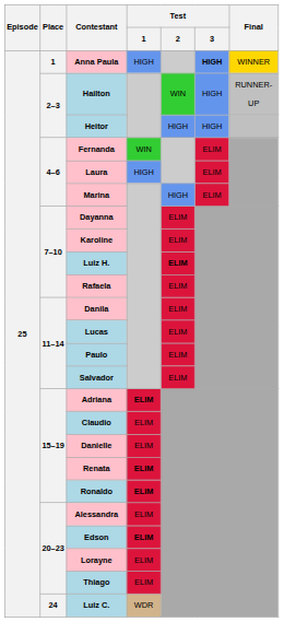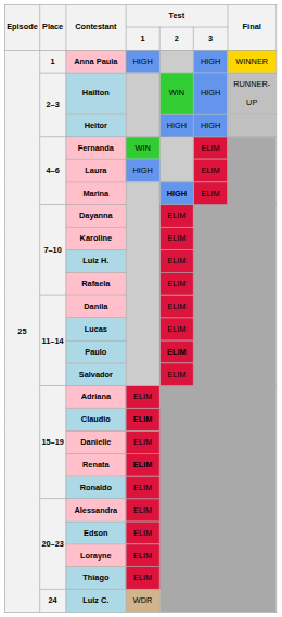 <table class="wikitable" style="text-align: center; font-size:8pt; line-height:25px;">
 <tr>
 <th rowspan=2>Episode</th>
 <th rowspan=2>Place</th>
 <th rowspan=2>Contestant</th>
 <th colspan=3>Test</th>
 <th rowspan=2>Final</th>
 </tr>
 <tr>
 <th>1</th>
 <th>2</th>
 <th>3</th>
 </tr>
 <tr>
 <th rowspan=24>25</th>
 <th>1</th>
 <td bgcolor=FFC0CB width=75><strong>Anna Paula</strong></td>
 <td bgcolor=6495ED width=40>HIGH</td>
 <td bgcolor=CCCCCC width=40></td>
-<td bgcolor=6495ED width=40><strong>HIGH</strong></td>
+<td bgcolor=6495ED width=40>HIGH</td>
 <td bgcolor=FFD700 width=60>WINNER</td>
 </tr>
 <tr>
 <th rowspan=2>2–3</th>
 <td bgcolor=ADD8E6><strong>Hailton</strong></td>
 <td bgcolor=CCCCCC rowspan=2></td>
 <td bgcolor=32CD32>WIN</td>
 <td bgcolor=6495ED>HIGH</td>
 <td bgcolor=silver>RUNNER-UP</td>
 </tr>
 <tr>
 <td bgcolor=ADD8E6><strong>Heitor</strong></td>
 <td bgcolor=6495ED>HIGH</td>
 <td bgcolor=6495ED>HIGH</td>
 <td bgcolor=silver></td>
 </tr>
 <tr>
 <th rowspan=3>4–6</th>
 <td bgcolor=FFC0CB><strong>Fernanda</strong></td>
 <td bgcolor=32CD32>WIN</td>
 <td bgcolor=CCCCCC rowspan=2></td>
 <td bgcolor=DC143C>ELIM</td>
 <td bgcolor=A9A9A9 rowspan=3></td>
 </tr>
 <tr>
 <td bgcolor=FFC0CB><strong>Laura</strong></td>
 <td bgcolor=6495ED>HIGH</td>
 <td bgcolor=DC143C>ELIM</td>
 </tr>
 <tr>
 <td bgcolor=FFC0CB><strong>Marina</strong></td>
 <td bgcolor=CCCCCC rowspan=9></td>
-<td bgcolor=6495ED>HIGH</td>
+<td bgcolor=6495ED><strong>HIGH</strong></td>
 <td bgcolor=DC143C>ELIM</td>
 </tr>
 <tr>
 <th rowspan=4>7–10</th>
 <td bgcolor=FFC0CB><strong>Dayanna</strong></td>
 <td bgcolor=DC143C>ELIM</td>
 <td bgcolor=A9A9A9 rowspan=8 colspan=2></td>
 </tr>
 <tr>
 <td bgcolor=FFC0CB><strong>Karoline</strong></td>
 <td bgcolor=DC143C>ELIM</td>
 </tr>
 <tr>
 <td bgcolor=ADD8E6><strong>Luiz H.</strong></td>
-<td bgcolor=DC143C><strong>ELIM</strong></td>
+<td bgcolor=DC143C>ELIM</td>
 </tr>
 <tr>
 <td bgcolor=FFC0CB><strong>Rafaela</strong></td>
 <td bgcolor=DC143C>ELIM</td>
 </tr>
 <tr>
 <th rowspan=4>11–14</th>
 <td bgcolor=FFC0CB><strong>Danila</strong></td>
 <td bgcolor=DC143C>ELIM</td>
 </tr>
 <tr>
 <td bgcolor=ADD8E6><strong>Lucas</strong></td>
 <td bgcolor=DC143C>ELIM</td>
 </tr>
 <tr>
 <td bgcolor=ADD8E6><strong>Paulo</strong></td>
-<td bgcolor=DC143C>ELIM</td>
+<td bgcolor=DC143C><strong>ELIM</strong></td>
 </tr>
 <tr>
 <td bgcolor=ADD8E6><strong>Salvador</strong></td>
 <td bgcolor=DC143C>ELIM</td>
 </tr>
 <tr>
 <th rowspan=5>15–19</th>
 <td bgcolor=FFC0CB><strong>Adriana</strong></td>
-<td bgcolor=DC143C><strong>ELIM</strong></td>
+<td bgcolor=DC143C>ELIM</td>
 <td bgcolor=A9A9A9 rowspan=10 colspan=3></td>
 </tr>
 <tr>
 <td bgcolor=ADD8E6><strong>Claudio</strong></td>
-<td bgcolor=DC143C>ELIM</td>
+<td bgcolor=DC143C><strong>ELIM</strong></td>
 </tr>
 <tr>
 <td bgcolor=FFC0CB><strong>Danielle</strong></td>
 <td bgcolor=DC143C>ELIM</td>
 </tr>
 <tr>
 <td bgcolor=FFC0CB><strong>Renata</strong></td>
 <td bgcolor=DC143C><strong>ELIM</strong></td>
 </tr>
 <tr>
 <td bgcolor=ADD8E6><strong>Ronaldo</strong></td>
-<td bgcolor=DC143C><strong>ELIM</strong></td>
+<td bgcolor=DC143C>ELIM</td>
 </tr>
 <tr>
 <th rowspan=4>20–23</th>
 <td bgcolor=FFC0CB><strong>Alessandra</strong></td>
 <td bgcolor=DC143C>ELIM</td>
 </tr>
 <tr>
 <td bgcolor=ADD8E6><strong>Edson</strong></td>
-<td bgcolor=DC143C><strong>ELIM</strong></td>
+<td bgcolor=DC143C>ELIM</td>
 </tr>
 <tr>
 <td bgcolor=FFC0CB><strong>Lorayne</strong></td>
 <td bgcolor=DC143C>ELIM</td>
 </tr>
 <tr>
 <td bgcolor=ADD8E6><strong>Thiago</strong></td>
 <td bgcolor=DC143C>ELIM</td>
 </tr>
 <tr>
 <th>24</th>
 <td bgcolor=ADD8E6><strong>Luiz C.</strong></td>
 <td bgcolor=D2B48C>WDR</td>
 </tr>
 </table>
